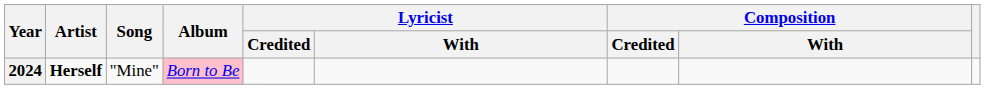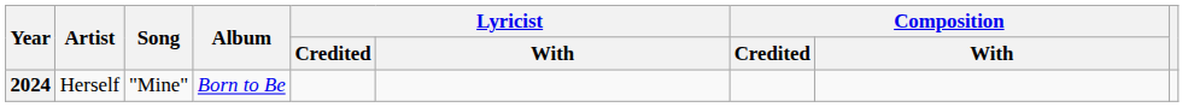 <table class="wikitable plainrowheaders sortable">
 <tr>
 <th rowspan="2">Year</th>
 <th rowspan="2">Artist</th>
 <th rowspan="2">Song</th>
 <th rowspan="2">Album</th>
 <th colspan="2"><a href='#'>Lyricist</a></th>
 <th colspan="2"><a href='#'>Composition</a></th>
 <th class="unsortable" scope="col" rowspan="2"></th>
 </tr>
 <tr>
 <th>Credited</th>
 <th style="width:17em">With</th>
 <th>Credited</th>
 <th style="width:17em">With</th>
 </tr>
 <tr>
 <th scope="row">2024</th>
-<td><strong>Herself</strong></td>
+<td>Herself</td>
 <td>"Mine"</td>
-<td style="background: pink;"><em><a href='#'>Born to Be</a></em></td>
+<td><em><a href='#'>Born to Be</a></em></td>
 <td></td>
 <td style="text-align:center"></td>
 <td></td>
 <td style="text-align:center"></td>
 <td></td>
 </tr>
 </table>
